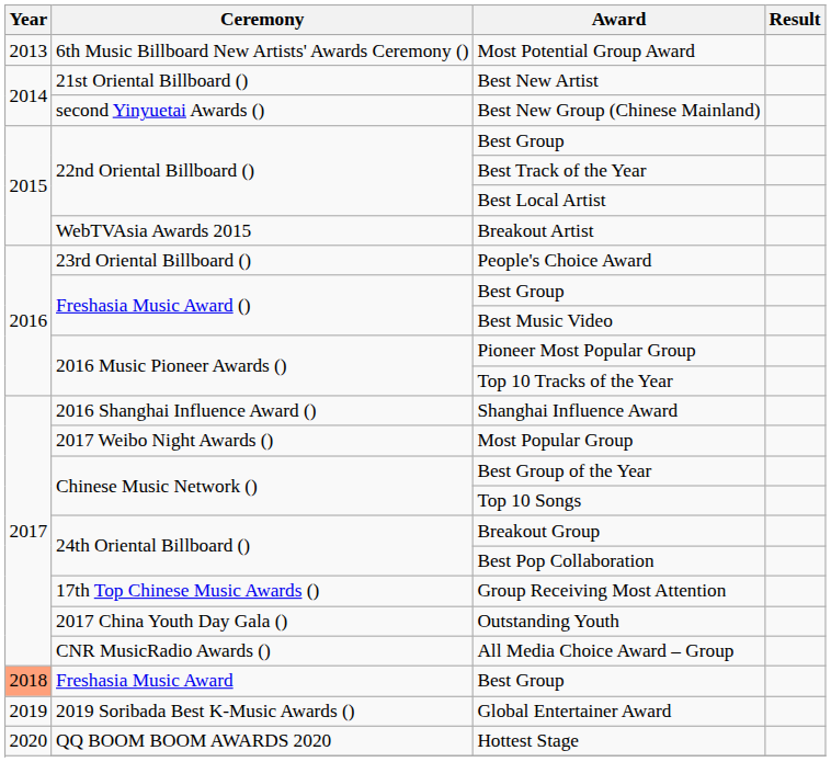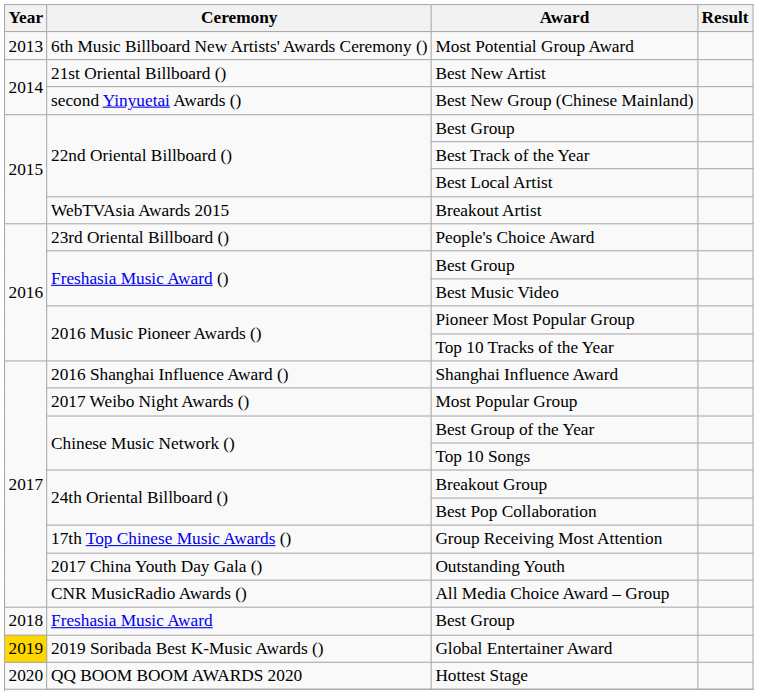 <table class="wikitable">
 <tr>
 <th>Year</th>
 <th>Ceremony</th>
 <th>Award</th>
 <th>Result</th>
 </tr>
 <tr>
 <td>2013</td>
 <td>6th Music Billboard New Artists' Awards Ceremony ()</td>
 <td>Most Potential Group Award</td>
 <td></td>
 </tr>
 <tr>
 <td rowspan="2">2014</td>
 <td>21st Oriental Billboard ()</td>
 <td>Best New Artist</td>
 <td></td>
 </tr>
 <tr>
 <td>second <a href='#'>Yinyuetai</a> Awards ()</td>
 <td>Best New Group (Chinese Mainland)</td>
 <td></td>
 </tr>
 <tr>
 <td rowspan="4">2015</td>
 <td rowspan="3">22nd Oriental Billboard ()</td>
 <td>Best Group</td>
 <td></td>
 </tr>
 <tr>
 <td>Best Track of the Year</td>
 <td></td>
 </tr>
 <tr>
 <td>Best Local Artist</td>
 <td></td>
 </tr>
 <tr>
 <td>WebTVAsia Awards 2015</td>
 <td>Breakout Artist</td>
 <td></td>
 </tr>
 <tr>
 <td rowspan="5">2016</td>
 <td>23rd Oriental Billboard ()</td>
 <td>People's Choice Award</td>
 <td></td>
 </tr>
 <tr>
 <td rowspan="2"><a href='#'>Freshasia Music Award</a> ()</td>
 <td>Best Group</td>
 <td></td>
 </tr>
 <tr>
 <td>Best Music Video</td>
 <td></td>
 </tr>
 <tr>
 <td rowspan="2">2016 Music Pioneer Awards ()</td>
 <td>Pioneer Most Popular Group</td>
 <td></td>
 </tr>
 <tr>
 <td>Top 10 Tracks of the Year</td>
 <td></td>
 </tr>
 <tr>
 <td rowspan="9">2017</td>
 <td>2016 Shanghai Influence Award ()</td>
 <td>Shanghai Influence Award</td>
 <td></td>
 </tr>
 <tr>
 <td>2017 Weibo Night Awards ()</td>
 <td>Most Popular Group</td>
 <td></td>
 </tr>
 <tr>
 <td rowspan="2">Chinese Music Network ()</td>
 <td>Best Group of the Year</td>
 <td></td>
 </tr>
 <tr>
 <td>Top 10 Songs</td>
 <td></td>
 </tr>
 <tr>
 <td rowspan="2">24th Oriental Billboard ()</td>
 <td>Breakout Group</td>
 <td></td>
 </tr>
 <tr>
 <td>Best Pop Collaboration</td>
 <td></td>
 </tr>
 <tr>
 <td>17th <a href='#'>Top Chinese Music Awards</a> ()</td>
 <td>Group Receiving Most Attention</td>
 <td></td>
 </tr>
 <tr>
 <td>2017 China Youth Day Gala ()</td>
 <td>Outstanding Youth</td>
 <td></td>
 </tr>
 <tr>
 <td>CNR MusicRadio Awards ()</td>
 <td>All Media Choice Award – Group</td>
 <td></td>
 </tr>
 <tr>
-<td rowspan="1" style="background: lightsalmon;">2018</td>
+<td rowspan="1">2018</td>
 <td><a href='#'>Freshasia Music Award</a></td>
 <td>Best Group</td>
 <td></td>
 </tr>
 <tr>
-<td rowspan="1">2019</td>
+<td rowspan="1" style="background: gold;">2019</td>
 <td>2019 Soribada Best K-Music Awards ()</td>
 <td>Global Entertainer Award</td>
 <td></td>
 </tr>
 <tr>
 <td rowspan="2">2020</td>
 <td>QQ BOOM BOOM AWARDS 2020</td>
 <td>Hottest Stage</td>
 <td></td>
 </tr>
 <tr>
 </tr>
 </table>
